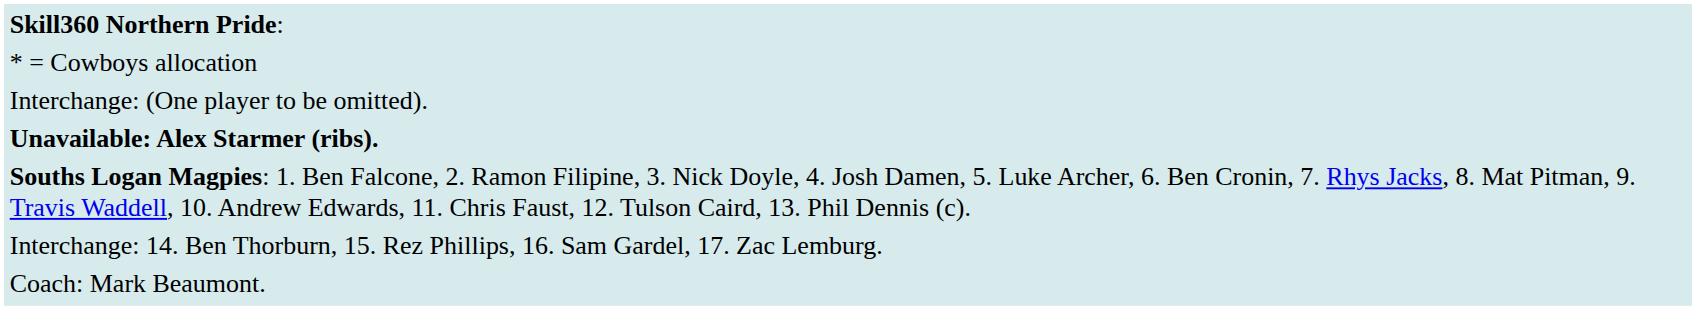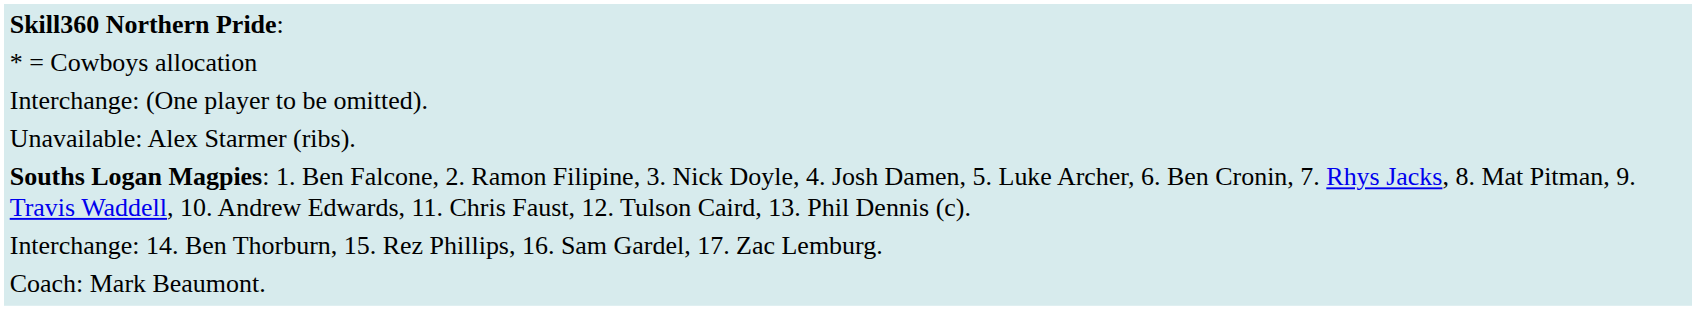 <table style="background:#d7ebed; font-size:85%; width:100%;">
 <tr>
 <td><strong>Skill360 Northern Pride</strong>:             </td>
 </tr>
 <tr>
 <td>* = Cowboys allocation</td>
 </tr>
 <tr>
 <td>Interchange:      (One player to be omitted).</td>
 </tr>
 <tr>
-<td><strong>Unavailable: Alex Starmer (ribs).</strong></td>
+<td>Unavailable: Alex Starmer (ribs).</td>
 </tr>
 <tr>
 <td><strong>Souths Logan Magpies</strong>: 1. Ben Falcone, 2. Ramon Filipine, 3. Nick Doyle, 4. Josh Damen, 5. Luke Archer, 6. Ben Cronin, 7. <a href='#'>Rhys Jacks</a>, 8. Mat Pitman, 9. <a href='#'>Travis Waddell</a>, 10. Andrew Edwards, 11. Chris Faust, 12. Tulson Caird, 13. Phil Dennis (c).</td>
 </tr>
 <tr>
 <td>Interchange: 14. Ben Thorburn, 15. Rez Phillips, 16. Sam Gardel, 17. Zac Lemburg.</td>
 </tr>
 <tr>
 <td>Coach: Mark Beaumont.</td>
 </tr>
 </table>
